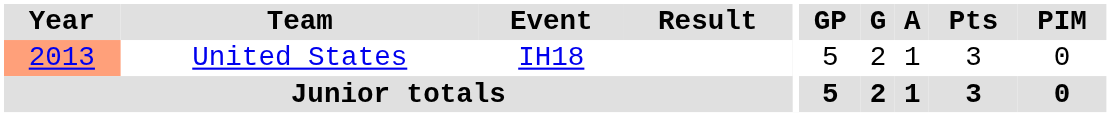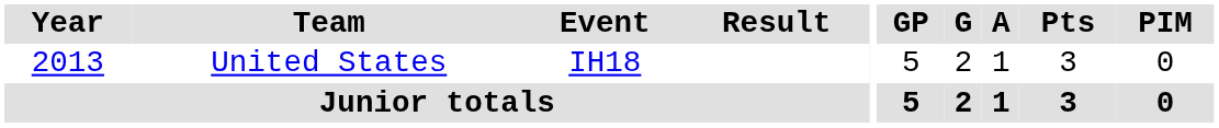 <table border="0" cellpadding="1" cellspacing="0" ID="Table3" style="text-align:center; width:40em">
 <tr ALIGN="center" bgcolor="#e0e0e0">
 <th>Year</th>
 <th>Team</th>
 <th>Event</th>
 <th>Result</th>
 <th rowspan="99" bgcolor="#ffffff"></th>
 <th>GP</th>
 <th>G</th>
 <th>A</th>
 <th>Pts</th>
 <th>PIM</th>
 </tr>
 <tr>
-<td style="background: lightsalmon;"><a href='#'>2013</a></td>
+<td><a href='#'>2013</a></td>
 <td><a href='#'>United States</a></td>
 <td><a href='#'>IH18</a></td>
 <td></td>
 <td>5</td>
 <td>2</td>
 <td>1</td>
 <td>3</td>
 <td>0</td>
 </tr>
 <tr bgcolor="#e0e0e0">
 <th colspan="4">Junior totals</th>
 <th>5</th>
 <th>2</th>
 <th>1</th>
 <th>3</th>
 <th>0</th>
 </tr>
 </table>
